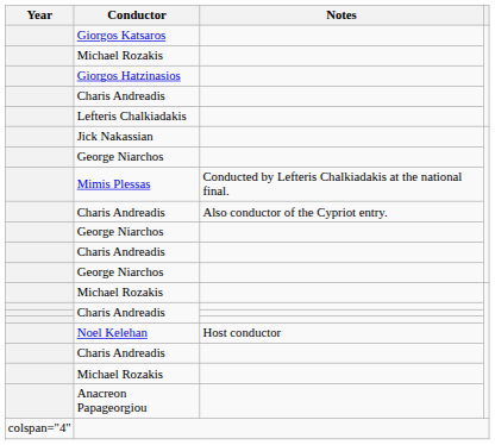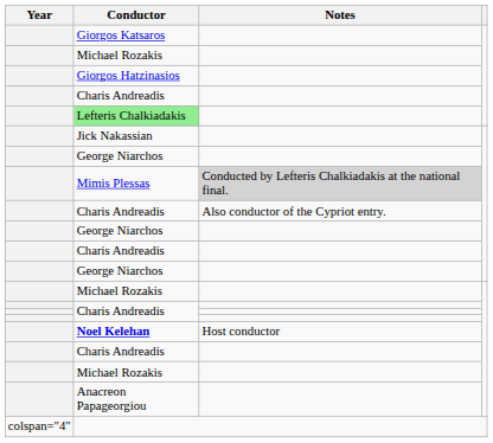 <table class="wikitable plainrowheaders">
 <tr>
 <th>Year</th>
 <th>Conductor</th>
 <th>Notes</th>
 <th></th>
 </tr>
 <tr>
 <th scope="row"></th>
 <td><a href='#'>Giorgos Katsaros</a></td>
 <td></td>
 <td rowspan="5"></td>
 </tr>
 <tr>
 <th scope="row"></th>
 <td>Michael Rozakis</td>
 <td></td>
 </tr>
 <tr>
 <th scope="row"></th>
 <td><a href='#'>Giorgos Hatzinasios</a></td>
 <td></td>
 </tr>
 <tr>
 <th scope="row"></th>
 <td>Charis Andreadis</td>
 <td></td>
 </tr>
 <tr>
 <th scope="row"></th>
-<td>Lefteris Chalkiadakis</td>
+<td style="background: lightgreen;">Lefteris Chalkiadakis</td>
 <td></td>
 </tr>
 <tr>
 <th scope="row"></th>
 <td>Jick Nakassian</td>
 <td></td>
 <td rowspan="7"></td>
 </tr>
 <tr>
 <th scope="row"></th>
 <td>George Niarchos</td>
 <td></td>
 </tr>
 <tr>
 <th scope="row"></th>
 <td><a href='#'>Mimis Plessas</a></td>
-<td>Conducted by Lefteris Chalkiadakis at the national final.</td>
+<td style="background: lightgrey;">Conducted by Lefteris Chalkiadakis at the national final.</td>
 </tr>
 <tr>
 <th scope="row"></th>
 <td>Charis Andreadis</td>
 <td>Also conductor of the Cypriot entry.</td>
 </tr>
 <tr>
 <th scope="row"></th>
 <td>George Niarchos</td>
 <td></td>
 </tr>
 <tr>
 <th scope="row"></th>
 <td>Charis Andreadis</td>
 <td></td>
 </tr>
 <tr>
 <th scope="row"></th>
 <td>George Niarchos</td>
 <td></td>
 </tr>
 <tr>
 <th scope="row"></th>
 <td>Michael Rozakis</td>
 <td></td>
 <td rowspan="8"></td>
 </tr>
 <tr>
 <th scope="row"></th>
 <td rowspan="3">Charis Andreadis</td>
 <td></td>
 </tr>
 <tr>
 <th scope="row"></th>
 <td></td>
 </tr>
 <tr>
 <th scope="row"></th>
 <td></td>
 </tr>
 <tr>
 <th scope="row"></th>
-<td> <a href='#'>Noel Kelehan</a></td>
+<td><strong> <a href='#'>Noel Kelehan</a></strong></td>
 <td>Host conductor</td>
 </tr>
 <tr>
 <th scope="row"></th>
 <td>Charis Andreadis</td>
 <td></td>
 </tr>
 <tr>
 <th scope="row"></th>
 <td>Michael Rozakis</td>
 <td></td>
 </tr>
 <tr>
 <th scope="row"></th>
 <td>Anacreon Papageorgiou</td>
 <td></td>
 </tr>
 <tr>
 <td>colspan="4" </td>
 </tr>
 </table>
